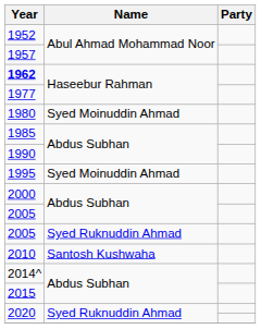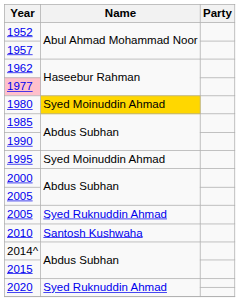 <table class="wikitable sortable">
 <tr>
 <th>Year</th>
 <th>Name</th>
 <th colspan="2">Party</th>
 </tr>
 <tr>
 <td><a href='#'>1952</a></td>
 <td rowspan="2">Abul Ahmad Mohammad Noor</td>
 <td></td>
 </tr>
 <tr>
 <td><a href='#'>1957</a></td>
 </tr>
 <tr>
-<td><strong><a href='#'>1962</a></strong></td>
+<td><a href='#'>1962</a></td>
 <td rowspan="2">Haseebur Rahman</td>
 <td></td>
 </tr>
 <tr>
-<td><a href='#'>1977</a></td>
+<td style="background: pink;"><a href='#'>1977</a></td>
 <td></td>
 </tr>
 <tr>
 <td><a href='#'>1980</a></td>
-<td>Syed Moinuddin Ahmad</td>
+<td style="background: gold;">Syed Moinuddin Ahmad</td>
 <td></td>
 </tr>
 <tr>
 <td><a href='#'>1985</a></td>
 <td rowspan="2">Abdus Subhan</td>
 <td></td>
 </tr>
 <tr>
 <td><a href='#'>1990</a></td>
 <td></td>
 </tr>
 <tr>
 <td><a href='#'>1995</a></td>
 <td>Syed Moinuddin Ahmad</td>
 <td></td>
 </tr>
 <tr>
 <td><a href='#'>2000</a></td>
 <td rowspan="2">Abdus Subhan</td>
 <td></td>
 </tr>
 <tr>
 <td><a href='#'>2005</a></td>
 </tr>
 <tr>
 <td><a href='#'>2005</a></td>
 <td><a href='#'>Syed Ruknuddin Ahmad</a></td>
 <td></td>
 </tr>
 <tr>
 <td><a href='#'>2010</a></td>
 <td><a href='#'>Santosh Kushwaha</a></td>
 <td></td>
 </tr>
 <tr>
 <td>2014^</td>
 <td rowspan="2">Abdus Subhan</td>
 <td></td>
 </tr>
 <tr>
 <td><a href='#'>2015</a></td>
 </tr>
 <tr>
 <td rowspan="2"><a href='#'>2020</a></td>
 <td rowspan="2"><a href='#'>Syed Ruknuddin Ahmad</a></td>
 <td></td>
 </tr>
 <tr>
 <td></td>
 </tr>
 <tr>
 </tr>
 </table>
